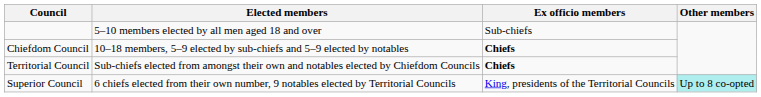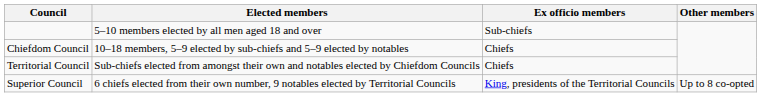 <table class=wikitable>
 <tr>
 <th>Council</th>
 <th>Elected members</th>
 <th>Ex officio members</th>
 <th>Other members</th>
 </tr>
 <tr>
 <td></td>
 <td>5–10 members elected by all men aged 18 and over</td>
 <td>Sub-chiefs</td>
 <td rowspan=3></td>
 </tr>
 <tr>
 <td>Chiefdom Council</td>
 <td>10–18 members, 5–9 elected by sub-chiefs and 5–9 elected by notables</td>
-<td><strong>Chiefs</strong></td>
+<td>Chiefs</td>
 </tr>
 <tr>
 <td>Territorial Council</td>
 <td>Sub-chiefs elected from amongst their own and notables elected by Chiefdom Councils</td>
-<td><strong>Chiefs</strong></td>
+<td>Chiefs</td>
 </tr>
 <tr>
 <td>Superior Council</td>
 <td>6 chiefs elected from their own number, 9 notables elected by Territorial Councils</td>
 <td><a href='#'>King</a>, presidents of the Territorial Councils</td>
-<td style="background: paleturquoise;">Up to 8 co-opted</td>
+<td>Up to 8 co-opted</td>
 </tr>
 </table>
